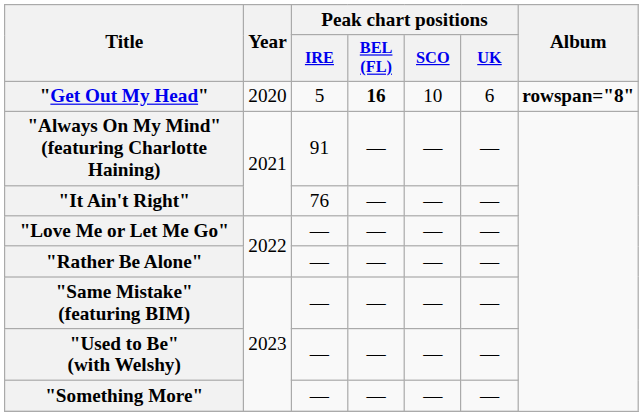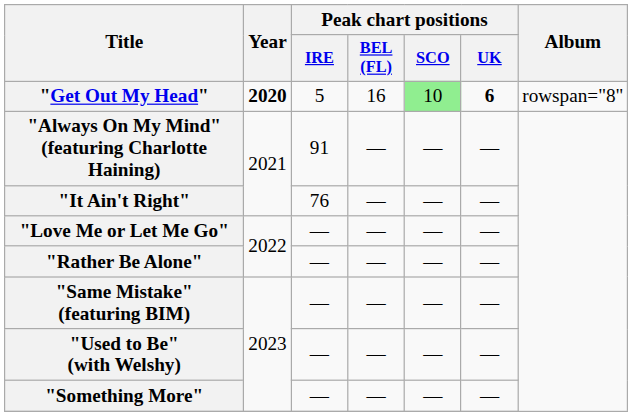 <table class="wikitable plainrowheaders" style="text-align:center;" border="1">
 <tr>
 <th scope="col" rowspan="2" style="width:12em;">Title</th>
 <th scope="col" rowspan="2" style="width:1em;">Year</th>
 <th scope="col" colspan="4">Peak chart positions</th>
 <th scope="col" rowspan="2">Album</th>
 </tr>
 <tr>
 <th scope="col" style="width:3em;font-size:85%;"><a href='#'>IRE</a><br></th>
 <th scope="col" style="width:3em;font-size:85%;"><a href='#'>BEL<br>(FL)</a><br></th>
 <th scope="col" style="width:3em;font-size:85%;"><a href='#'>SCO</a><br></th>
 <th scope="col" style="width:3em;font-size:85%;"><a href='#'>UK</a><br></th>
 </tr>
 <tr>
 <th scope="row">"<a href='#'>Get Out My Head</a>"</th>
-<td>2020</td>
+<td><strong>2020</strong></td>
 <td>5</td>
-<td><strong>16</strong></td>
-<td>10</td>
-<td>6</td>
-<td><strong>rowspan="8" </strong></td>
+<td>16</td>
+<td style="background: lightgreen;">10</td>
+<td><strong>6</strong></td>
+<td>rowspan="8" </td>
 </tr>
 <tr>
 <th scope="row">"Always On My Mind" <br><span>(featuring Charlotte Haining)</span></th>
 <td rowspan="2">2021</td>
 <td>91<br></td>
 <td>—</td>
 <td>—</td>
 <td>—</td>
 </tr>
 <tr>
 <th scope="row">"It Ain't Right"</th>
 <td>76<br></td>
 <td>—</td>
 <td>—</td>
 <td>—</td>
 </tr>
 <tr>
 <th scope="row">"Love Me or Let Me Go"</th>
 <td rowspan="2">2022</td>
 <td>—</td>
 <td>—</td>
 <td>—</td>
 <td>—</td>
 </tr>
 <tr>
 <th scope="row">"Rather Be Alone"</th>
 <td>—</td>
 <td>—</td>
 <td>—</td>
 <td>—</td>
 </tr>
 <tr>
 <th scope="row">"Same Mistake" <br><span>(featuring BIM)</span></th>
 <td rowspan="3">2023</td>
 <td>—</td>
 <td>—</td>
 <td>—</td>
 <td>—</td>
 </tr>
 <tr>
 <th scope="row">"Used to Be" <br><span>(with Welshy)</span></th>
 <td>—</td>
 <td>—</td>
 <td>—</td>
 <td>—</td>
 </tr>
 <tr>
 <th scope="row">"Something More"</th>
 <td>—</td>
 <td>—</td>
 <td>—</td>
 <td>—</td>
 </tr>
 <tr>
 </tr>
 </table>
